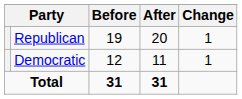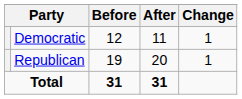 <table class="wikitable" style="text-align:center;">
 <tr>
 </tr>
 <tr>
 <th colspan=2>Party</th>
 <th>Before</th>
 <th>After</th>
 <th>Change</th>
 </tr>
 <tr>
 <th style="background-color:"></th>
-<td style="text-align:left;"><a href='#'>Republican</a></td>
-<td>19</td>
-<td>20</td>
+<td style="text-align:left;"><a href='#'>Democratic</a></td>
+<td>12</td>
+<td>11</td>
 <td> 1</td>
 </tr>
 <tr>
 <th style="background-color:"></th>
-<td style="text-align:left;"><a href='#'>Democratic</a></td>
-<td>12</td>
-<td>11</td>
+<td style="text-align:left;"><a href='#'>Republican</a></td>
+<td>19</td>
+<td>20</td>
 <td> 1</td>
 </tr>
 <tr>
 <td colspan=2><strong>Total</strong></td>
 <td><strong>31</strong></td>
 <td><strong>31</strong></td>
 <td></td>
 </tr>
 </table>
